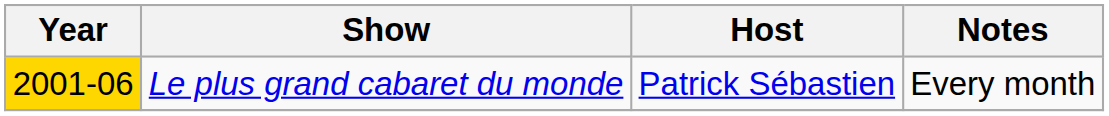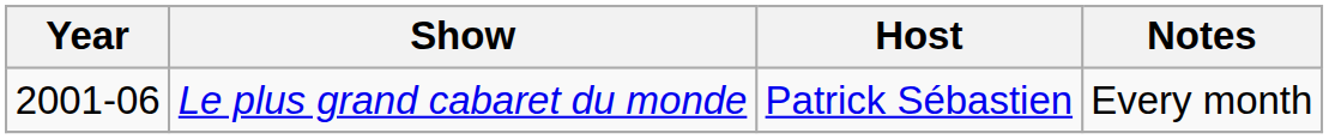 <table class="wikitable sortable">
 <tr>
 <th>Year</th>
 <th>Show</th>
 <th>Host</th>
 <th class="unsortable">Notes</th>
 </tr>
 <tr>
-<td rowspan=1 style="background: gold;">2001-06</td>
+<td rowspan=1>2001-06</td>
 <td><em><a href='#'>Le plus grand cabaret du monde</a></em></td>
 <td><a href='#'>Patrick Sébastien</a></td>
 <td>Every month</td>
 </tr>
 <tr>
 </tr>
 </table>
